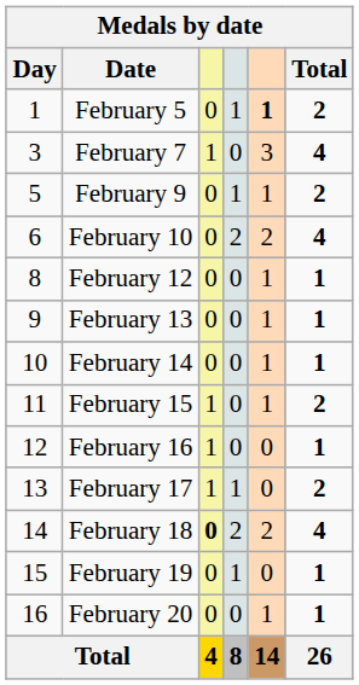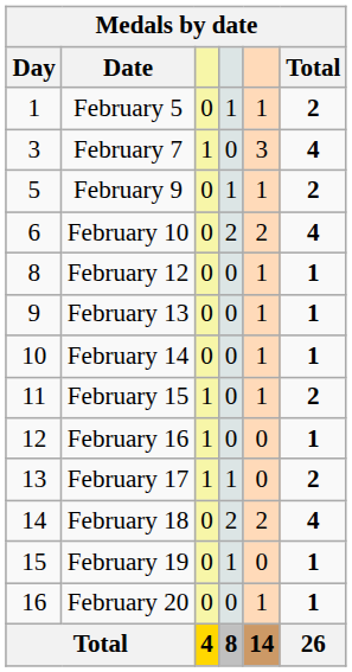 <table class=wikitable style=font-size:85%;float:right;text-align:center>
 <tr>
 <th colspan=6>Medals by date</th>
 </tr>
 <tr>
 <th>Day</th>
 <th>Date</th>
 <td bgcolor=F7F6A8></td>
 <td bgcolor=DCE5E5></td>
 <td bgcolor=FFDAB9></td>
 <th>Total</th>
 </tr>
 <tr>
 <td>1</td>
 <td>February 5</td>
 <td bgcolor=F7F6A8>0</td>
 <td bgcolor=DCE5E5>1</td>
-<td bgcolor=FFDAB9><strong>1</strong></td>
+<td bgcolor=FFDAB9>1</td>
 <td><strong>2</strong></td>
 </tr>
 <tr>
 <td>3</td>
 <td>February 7</td>
 <td bgcolor=F7F6A8>1</td>
 <td bgcolor=DCE5E5>0</td>
 <td bgcolor=FFDAB9>3</td>
 <td><strong>4</strong></td>
 </tr>
 <tr>
 <td>5</td>
 <td>February 9</td>
 <td bgcolor=F7F6A8>0</td>
 <td bgcolor=DCE5E5>1</td>
 <td bgcolor=FFDAB9>1</td>
 <td><strong>2</strong></td>
 </tr>
 <tr>
 <td>6</td>
 <td>February 10</td>
 <td bgcolor=F7F6A8>0</td>
 <td bgcolor=DCE5E5>2</td>
 <td bgcolor=FFDAB9>2</td>
 <td><strong>4</strong></td>
 </tr>
 <tr>
 <td>8</td>
 <td>February 12</td>
 <td bgcolor=F7F6A8>0</td>
 <td bgcolor=DCE5E5>0</td>
 <td bgcolor=FFDAB9>1</td>
 <td><strong>1</strong></td>
 </tr>
 <tr>
 <td>9</td>
 <td>February 13</td>
 <td bgcolor=F7F6A8>0</td>
 <td bgcolor=DCE5E5>0</td>
 <td bgcolor=FFDAB9>1</td>
 <td><strong>1</strong></td>
 </tr>
 <tr>
 <td>10</td>
 <td>February 14</td>
 <td bgcolor=F7F6A8>0</td>
 <td bgcolor=DCE5E5>0</td>
 <td bgcolor=FFDAB9>1</td>
 <td><strong>1</strong></td>
 </tr>
 <tr>
 <td>11</td>
 <td>February 15</td>
 <td bgcolor=F7F6A8>1</td>
 <td bgcolor=DCE5E5>0</td>
 <td bgcolor=FFDAB9>1</td>
 <td><strong>2</strong></td>
 </tr>
 <tr>
 <td>12</td>
 <td>February 16</td>
 <td bgcolor=F7F6A8>1</td>
 <td bgcolor=DCE5E5>0</td>
 <td bgcolor=FFDAB9>0</td>
 <td><strong>1</strong></td>
 </tr>
 <tr>
 <td>13</td>
 <td>February 17</td>
 <td bgcolor=F7F6A8>1</td>
 <td bgcolor=DCE5E5>1</td>
 <td bgcolor=FFDAB9>0</td>
 <td><strong>2</strong></td>
 </tr>
 <tr>
 <td>14</td>
 <td>February 18</td>
-<td bgcolor=F7F6A8><strong>0</strong></td>
+<td bgcolor=F7F6A8>0</td>
 <td bgcolor=DCE5E5>2</td>
 <td bgcolor=FFDAB9>2</td>
 <td><strong>4</strong></td>
 </tr>
 <tr>
 <td>15</td>
 <td>February 19</td>
 <td bgcolor=F7F6A8>0</td>
 <td bgcolor=DCE5E5>1</td>
 <td bgcolor=FFDAB9>0</td>
 <td><strong>1</strong></td>
 </tr>
 <tr>
 <td>16</td>
 <td>February 20</td>
 <td bgcolor=F7F6A8>0</td>
 <td bgcolor=DCE5E5>0</td>
 <td bgcolor=FFDAB9>1</td>
 <td><strong>1</strong></td>
 </tr>
 <tr>
 <th colspan=2>Total</th>
 <th style=background:gold>4</th>
 <th style=background:silver>8</th>
 <th style=background:#c96>14</th>
 <th>26</th>
 </tr>
 </table>
